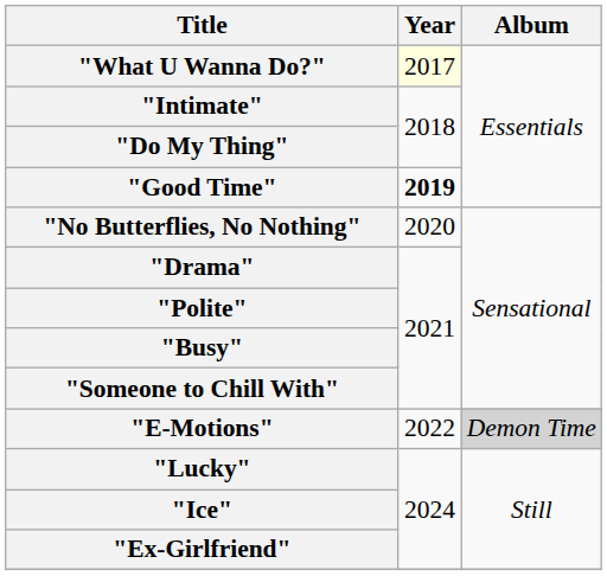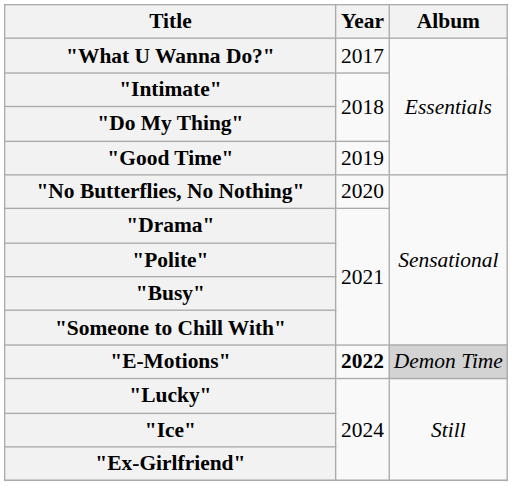 <table class="wikitable plainrowheaders" style="text-align:center;">
 <tr>
 <th scope="col" style="width:15em;">Title</th>
 <th scope="col">Year</th>
 <th scope="col">Album</th>
 </tr>
 <tr>
 <th scope="row">"What U Wanna Do?"</th>
-<td style="background: lightyellow;">2017</td>
+<td>2017</td>
 <td rowspan="4"><em>Essentials</em></td>
 </tr>
 <tr>
 <th scope="row">"Intimate"</th>
 <td rowspan="2">2018</td>
 </tr>
 <tr>
 <th scope="row">"Do My Thing"</th>
 </tr>
 <tr>
 <th scope="row">"Good Time"</th>
-<td><strong>2019</strong></td>
+<td>2019</td>
 </tr>
 <tr>
 <th scope="row">"No Butterflies, No Nothing"</th>
 <td>2020</td>
 <td rowspan="5"><em>Sensational</em></td>
 </tr>
 <tr>
 <th scope="row">"Drama"</th>
 <td rowspan="4">2021</td>
 </tr>
 <tr>
 <th scope="row">"Polite"</th>
 </tr>
 <tr>
 <th scope="row">"Busy"</th>
 </tr>
 <tr>
 <th scope="row">"Someone to Chill With"</th>
 </tr>
 <tr>
 <th scope="row">"E-Motions"<br></th>
-<td>2022</td>
+<td><strong>2022</strong></td>
 <td style="background: lightgrey;"><em>Demon Time</em></td>
 </tr>
 <tr>
 <th scope="row">"Lucky"</th>
 <td rowspan="3">2024</td>
 <td rowspan="3"><em>Still</em></td>
 </tr>
 <tr>
 <th scope="row">"Ice"<br></th>
 </tr>
 <tr>
 <th scope="row">"Ex-Girlfriend"<br></th>
 </tr>
 <tr>
 </tr>
 </table>
